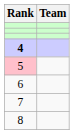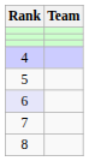 <table class="wikitable">
 <tr>
 <th>Rank</th>
 <th>Team</th>
 </tr>
 <tr bgcolor="#ccffcc">
 <td align=center></td>
 <td></td>
 </tr>
 <tr bgcolor="#ccffcc">
 <td align=center></td>
 <td></td>
 </tr>
 <tr bgcolor="#ccffcc">
 <td align=center></td>
 <td></td>
 </tr>
 <tr bgcolor="#ccccff">
-<td align=center><strong>4</strong></td>
+<td align=center>4</td>
 <td></td>
 </tr>
 <tr>
-<td align=center style="background: pink;">5</td>
+<td align=center>5</td>
 <td></td>
 </tr>
 <tr>
-<td align=center>6</td>
+<td align=center style="background: lavender;">6</td>
 <td></td>
 </tr>
 <tr>
 <td align=center>7</td>
 <td></td>
 </tr>
 <tr>
 <td align=center>8</td>
 <td></td>
 </tr>
 </table>
